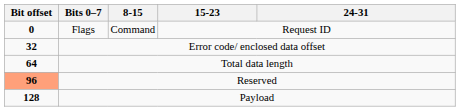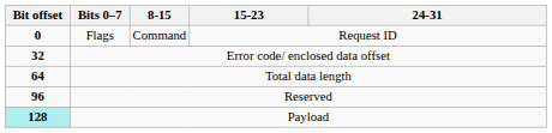 <table class="wikitable" style="text-align:center">
 <tr>
 <th>Bit offset</th>
 <th colspan="8" width="11%">Bits 0–7</th>
 <th colspan="8" width="11%">8-15</th>
 <th colspan="8" width="22%">15-23</th>
 <th colspan="8" width="44%">24-31</th>
 </tr>
 <tr>
 <td><strong>0</strong></td>
 <td colspan="8">Flags</td>
 <td colspan="8">Command</td>
 <td colspan="16">Request ID</td>
 </tr>
 <tr>
 <td><strong>32</strong></td>
 <td colspan="32">Error code/ enclosed data offset</td>
 </tr>
 <tr>
 <td><strong>64</strong></td>
 <td colspan="32">Total data length</td>
 </tr>
 <tr>
-<td style="background: lightsalmon;"><strong>96</strong></td>
+<td><strong>96</strong></td>
 <td colspan="32">Reserved</td>
 </tr>
 <tr>
-<td><strong>128</strong></td>
+<td style="background: paleturquoise;"><strong>128</strong></td>
 <td colspan="32">Payload</td>
 </tr>
 </table>
